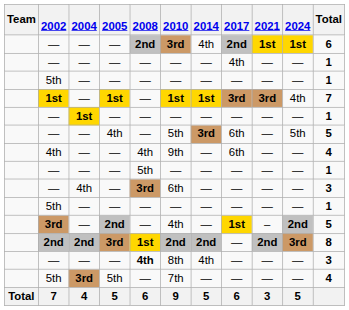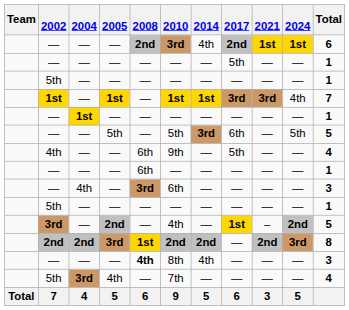 <table class="wikitable " style="text-align:center">
 <tr>
 <th>Team</th>
 <th><br><a href='#'>2002</a></th>
 <th><br><a href='#'>2004</a></th>
 <th><br><a href='#'>2005</a></th>
 <th><br><a href='#'>2008</a></th>
 <th><br><a href='#'>2010</a></th>
 <th><br><a href='#'>2014</a></th>
 <th><br><a href='#'>2017</a></th>
 <th><br><a href='#'>2021</a></th>
 <th><br><a href='#'>2024</a></th>
 <th>Total</th>
 </tr>
 <tr>
 <td align=left></td>
 <td>—</td>
 <td>—</td>
 <td>—</td>
 <td bgcolor=silver><strong>2nd</strong></td>
 <td bgcolor=cc9966><strong>3rd</strong></td>
 <td>4th</td>
 <td bgcolor=silver><strong>2nd</strong></td>
 <td bgcolor=gold><strong>1st</strong></td>
 <td bgcolor=gold><strong>1st</strong></td>
 <td><strong>6</strong></td>
 </tr>
 <tr>
 <td align=left></td>
 <td>—</td>
 <td>—</td>
 <td>—</td>
 <td>—</td>
 <td>—</td>
 <td>—</td>
-<td>4th</td>
+<td>5th</td>
 <td>—</td>
 <td>—</td>
 <td><strong>1</strong></td>
 </tr>
 <tr>
 <td align=left></td>
 <td>5th</td>
 <td>—</td>
 <td>—</td>
 <td>—</td>
 <td>—</td>
 <td>—</td>
 <td>—</td>
 <td>—</td>
 <td>—</td>
 <td><strong>1</strong></td>
 </tr>
 <tr>
 <td align=left></td>
 <td bgcolor=gold><strong>1st</strong></td>
 <td>—</td>
 <td bgcolor=gold><strong>1st</strong></td>
 <td>—</td>
 <td bgcolor=gold><strong>1st</strong></td>
 <td bgcolor=gold><strong>1st</strong></td>
 <td bgcolor=cc9966><strong>3rd</strong></td>
 <td bgcolor=cc9966><strong>3rd</strong></td>
 <td>4th</td>
 <td><strong>7</strong></td>
 </tr>
 <tr>
 <td align=left></td>
 <td>—</td>
 <td bgcolor=gold><strong>1st</strong></td>
 <td>—</td>
 <td>—</td>
 <td>—</td>
 <td>—</td>
 <td>—</td>
 <td>—</td>
 <td>—</td>
 <td><strong>1</strong></td>
 </tr>
 <tr>
 <td align=left></td>
 <td>—</td>
 <td>—</td>
-<td>4th</td>
+<td>5th</td>
 <td>—</td>
 <td>5th</td>
 <td bgcolor=cc9966><strong>3rd</strong></td>
 <td>6th</td>
 <td>—</td>
 <td>5th</td>
 <td><strong>5</strong></td>
 </tr>
 <tr>
 <td align=left></td>
 <td>4th</td>
 <td>—</td>
 <td>—</td>
-<td>4th</td>
+<td>6th</td>
 <td>9th</td>
 <td>—</td>
-<td>6th</td>
+<td>5th</td>
 <td>—</td>
 <td>—</td>
 <td><strong>4</strong></td>
 </tr>
 <tr>
 <td align=left></td>
 <td>—</td>
 <td>—</td>
 <td>—</td>
-<td>5th</td>
+<td>6th</td>
 <td>—</td>
 <td>—</td>
 <td>—</td>
 <td>—</td>
 <td>—</td>
 <td><strong>1</strong></td>
 </tr>
 <tr>
 <td align=left></td>
 <td>—</td>
 <td>4th</td>
 <td>—</td>
 <td bgcolor=cc9966><strong>3rd</strong></td>
 <td>6th</td>
 <td>—</td>
 <td>—</td>
 <td>—</td>
 <td>—</td>
 <td><strong>3</strong></td>
 </tr>
 <tr>
 <td align=left></td>
 <td>5th</td>
 <td>—</td>
 <td>—</td>
 <td>—</td>
 <td>—</td>
 <td>—</td>
 <td>—</td>
 <td>—</td>
 <td>—</td>
 <td><strong>1</strong></td>
 </tr>
 <tr>
 <td align=left></td>
 <td bgcolor=cc9966><strong>3rd</strong></td>
 <td>—</td>
 <td bgcolor=silver><strong>2nd</strong></td>
 <td>—</td>
 <td>4th</td>
 <td>—</td>
 <td bgcolor=gold><strong>1st</strong></td>
 <td>–</td>
 <td bgcolor=silver><strong>2nd</strong></td>
 <td><strong>5</strong></td>
 </tr>
 <tr>
 <td align=left></td>
 <td bgcolor=silver><strong>2nd</strong></td>
 <td bgcolor=silver><strong>2nd</strong></td>
 <td bgcolor=cc9966><strong>3rd</strong></td>
 <td bgcolor=gold><strong>1st</strong></td>
 <td bgcolor=silver><strong>2nd</strong></td>
 <td bgcolor=silver><strong>2nd</strong></td>
 <td>—</td>
 <td bgcolor=silver><strong>2nd</strong></td>
 <td bgcolor=cc9966><strong>3rd</strong></td>
 <td><strong>8</strong></td>
 </tr>
 <tr>
 <td align=left></td>
 <td>—</td>
 <td>—</td>
 <td>—</td>
 <td><strong>4th</strong></td>
 <td>8th</td>
 <td>4th</td>
 <td>—</td>
 <td>—</td>
 <td>—</td>
 <td><strong>3</strong></td>
 </tr>
 <tr>
 <td align=left></td>
 <td>5th</td>
 <td bgcolor=cc9966><strong>3rd</strong></td>
-<td>5th</td>
+<td>4th</td>
 <td>—</td>
 <td>7th</td>
 <td>—</td>
 <td>—</td>
 <td>—</td>
 <td>—</td>
 <td><strong>4</strong></td>
 </tr>
 <tr>
 <th>Total</th>
 <th>7</th>
 <th>4</th>
 <th>5</th>
 <th>6</th>
 <th>9</th>
 <th>5</th>
 <th>6</th>
 <th>3</th>
 <th>5</th>
 <th></th>
 </tr>
 </table>
